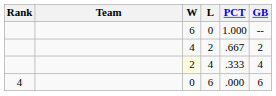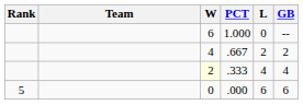 <table class=wikitable style="text-align:center;">
 <tr>
 <th>Rank</th>
 <th width=210px>Team</th>
 <th width=20px>W</th>
+<th width=35px><a href='#'>PCT</a></th>
 <th width=20px>L</th>
-<th width=35px><a href='#'>PCT</a></th>
 <th width=25px><a href='#'>GB</a></th>
 </tr>
 <tr>
 <td></td>
 <td style="text-align:left"><strong></strong></td>
 <td>6</td>
+<td>1.000</td>
 <td>0</td>
-<td>1.000</td>
 <td>--</td>
 </tr>
 <tr>
 <td></td>
 <td style="text-align:left"></td>
 <td>4</td>
+<td>.667</td>
 <td>2</td>
-<td>.667</td>
 <td>2</td>
 </tr>
 <tr>
 <td></td>
 <td style="text-align:left"></td>
 <td style="background: lightyellow;">2</td>
+<td>.333</td>
 <td>4</td>
-<td>.333</td>
 <td>4</td>
 </tr>
 <tr>
-<td>4</td>
+<td>5</td>
 <td style="text-align:left"></td>
 <td>0</td>
+<td>.000</td>
 <td>6</td>
-<td>.000</td>
 <td>6</td>
 </tr>
 </table>
